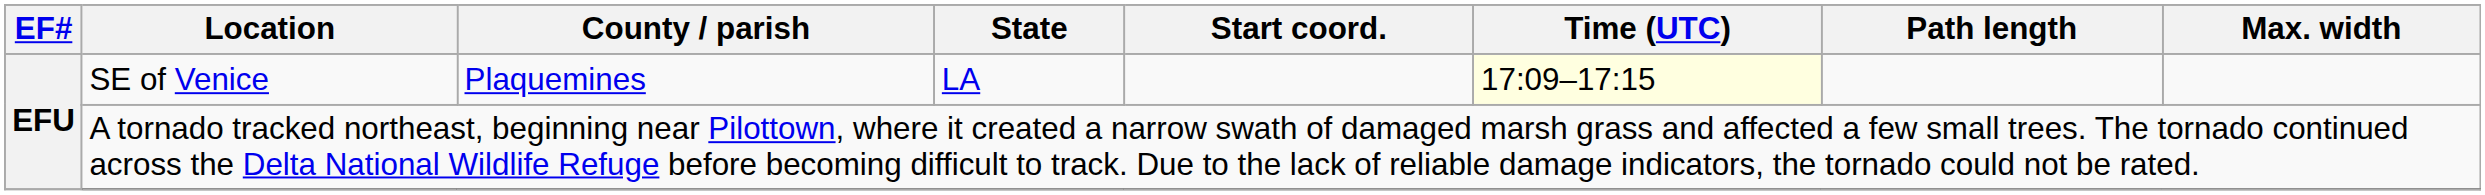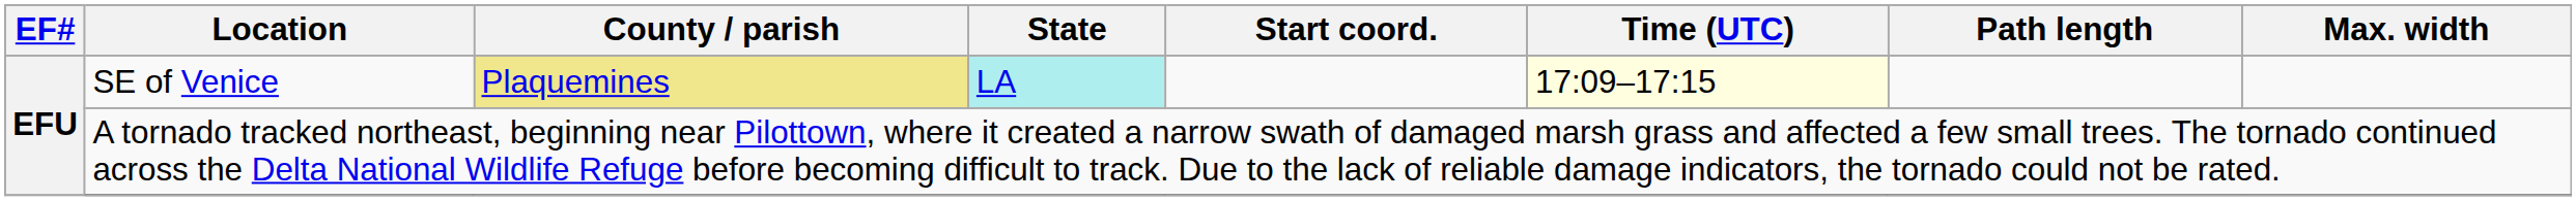 <table class="wikitable sortable" style="width:100%;">
 <tr>
 <th scope="col" width="2%" align="center"><a href='#'>EF#</a></th>
 <th scope="col" align="center" class="unsortable">Location</th>
 <th scope="col" align="center" class="unsortable">County / parish</th>
 <th scope="col" align="center">State</th>
 <th scope="col" align="center">Start coord.</th>
 <th scope="col" align="center">Time (<a href='#'>UTC</a>)</th>
 <th scope="col" align="center">Path length</th>
 <th scope="col" align="center">Max. width</th>
 </tr>
 <tr>
 <th scope="row" rowspan="2" style="background-color:#">EFU</th>
 <td>SE of <a href='#'>Venice</a></td>
-<td><a href='#'>Plaquemines</a></td>
-<td><a href='#'>LA</a></td>
+<td style="background: khaki;"><a href='#'>Plaquemines</a></td>
+<td style="background: paleturquoise;"><a href='#'>LA</a></td>
 <td></td>
 <td style="background: lightyellow;">17:09–17:15</td>
 <td></td>
 <td></td>
 </tr>
 <tr class="expand-child">
 <td colspan="8" style=" border-bottom: 1px solid black;">A tornado tracked northeast, beginning near <a href='#'>Pilottown</a>, where it created a narrow swath of damaged marsh grass and affected a few small trees. The tornado continued across the <a href='#'>Delta National Wildlife Refuge</a> before becoming difficult to track. Due to the lack of reliable damage indicators, the tornado could not be rated.</td>
 </tr>
 <tr>
 </tr>
 </table>
